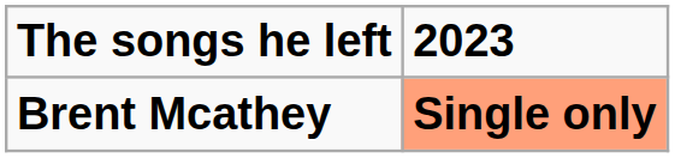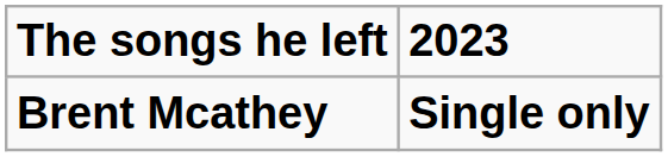 <table class="wikitable">
 <tr>
 <td><strong>The songs he left</strong></td>
 <td><strong>2023</strong></td>
 </tr>
 <tr>
 <td><strong>Brent Mcathey</strong></td>
-<td style="background: lightsalmon;"><strong>Single only</strong></td>
+<td><strong>Single only</strong></td>
 </tr>
 </table>
